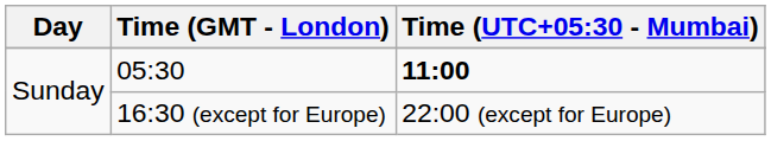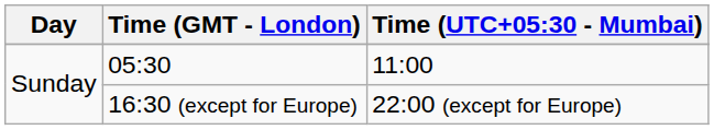 <table class="wikitable">
 <tr>
 <th>Day</th>
 <th>Time (GMT - <a href='#'>London</a>)</th>
 <th>Time (<a href='#'>UTC+05:30</a> - <a href='#'>Mumbai</a>)</th>
 </tr>
 <tr>
 </tr>
 <tr>
 <td rowspan='2'>Sunday</td>
 <td>05:30</td>
-<td><strong>11:00</strong></td>
+<td>11:00</td>
 </tr>
 <tr>
 <td>16:30 <small>(except for Europe)</small></td>
 <td>22:00 <small>(except for Europe)</small></td>
 </tr>
 </table>
